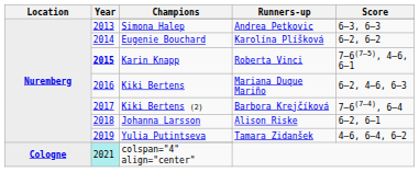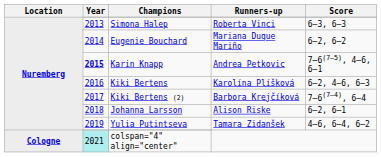 <table class="wikitable">
 <tr>
 <th style="width:160px">Location</th>
 <th style="width:40px">Year</th>
 <th style="width:200px">Champions</th>
 <th style="width:200px">Runners-up</th>
 <th style="width:160px" class="unsortable">Score</th>
 </tr>
 <tr>
 <th rowspan="8" style="background:#ededed"><a href='#'>Nuremberg</a></th>
 </tr>
 <tr>
 <td><a href='#'>2013</a></td>
 <td> <a href='#'>Simona Halep</a></td>
-<td> <a href='#'>Andrea Petkovic</a></td>
+<td> <a href='#'>Roberta Vinci</a></td>
 <td>6–3, 6–3</td>
 </tr>
 <tr>
 <td><a href='#'>2014</a></td>
 <td> <a href='#'>Eugenie Bouchard</a></td>
-<td> <a href='#'>Karolína Plíšková</a></td>
+<td> <a href='#'>Mariana Duque Mariño</a></td>
 <td>6–2, 6–2</td>
 </tr>
 <tr>
 <td><strong><a href='#'>2015</a></strong></td>
 <td> <a href='#'>Karin Knapp</a></td>
-<td> <a href='#'>Roberta Vinci</a></td>
+<td> <a href='#'>Andrea Petkovic</a></td>
 <td>7–6<sup>(7–5)</sup>, 4–6, 6–1</td>
 </tr>
 <tr>
 <td><a href='#'>2016</a></td>
 <td> <a href='#'>Kiki Bertens</a></td>
-<td> <a href='#'>Mariana Duque Mariño</a></td>
+<td> <a href='#'>Karolína Plíšková</a></td>
 <td>6–2, 4–6, 6–3</td>
 </tr>
 <tr>
 <td><a href='#'>2017</a></td>
 <td> <a href='#'>Kiki Bertens</a> <small> (2) </small></td>
 <td> <a href='#'>Barbora Krejčíková</a></td>
 <td>7–6<sup>(7–4)</sup>, 6–4</td>
 </tr>
 <tr>
 <td><a href='#'>2018</a></td>
 <td> <a href='#'>Johanna Larsson</a></td>
 <td> <a href='#'>Alison Riske</a></td>
 <td>6–2, 6–1</td>
 </tr>
 <tr>
 <td><a href='#'>2019</a></td>
 <td> <a href='#'>Yulia Putintseva</a></td>
 <td> <a href='#'>Tamara Zidanšek</a></td>
 <td>4–6, 6–4, 6–2</td>
 </tr>
 <tr>
 <th rowspan="3" style="background:#ededed"><a href='#'>Cologne</a></th>
 </tr>
 <tr>
 <td style="background: paleturquoise;">2021</td>
 <td>colspan="4" align="center" </td>
 </tr>
 </table>
